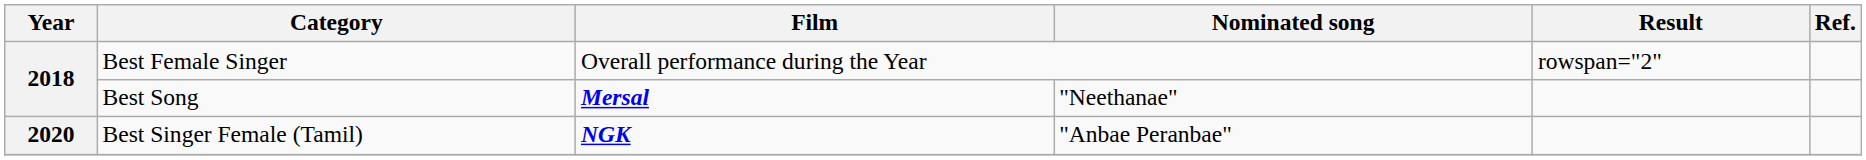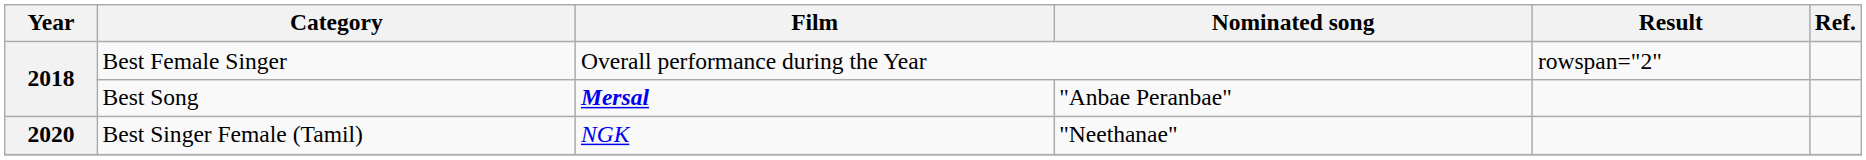 <table class="wikitable plainrowheaders" width="100%" textcolor:#000;">
 <tr>
 <th scope="col" width=5%><strong>Year</strong></th>
 <th scope="col" width=26%><strong>Category</strong></th>
 <th scope="col" width=26%><strong>Film</strong></th>
 <th scope="col" width=26%><strong>Nominated song</strong></th>
 <th scope="col" width=15%><strong>Result</strong></th>
 <th scope="col" width=2%><strong>Ref.</strong></th>
 </tr>
 <tr>
 <th scope="row" rowspan="2">2018</th>
 <td>Best Female Singer</td>
 <td colspan="2">Overall performance during the Year</td>
 <td>rowspan="2" </td>
 <td></td>
 </tr>
 <tr>
 <td>Best Song</td>
 <td><strong><em><a href='#'>Mersal</a></em></strong></td>
-<td>"Neethanae"</td>
+<td>"Anbae Peranbae"</td>
 <td></td>
 </tr>
 <tr>
 <th scope="row">2020</th>
 <td>Best Singer Female (Tamil)</td>
-<td><strong><em><a href='#'>NGK</a></em></strong></td>
-<td>"Anbae Peranbae"</td>
+<td><em><a href='#'>NGK</a></em></td>
+<td>"Neethanae"</td>
 <td></td>
 <td></td>
 </tr>
 <tr>
 </tr>
 </table>
